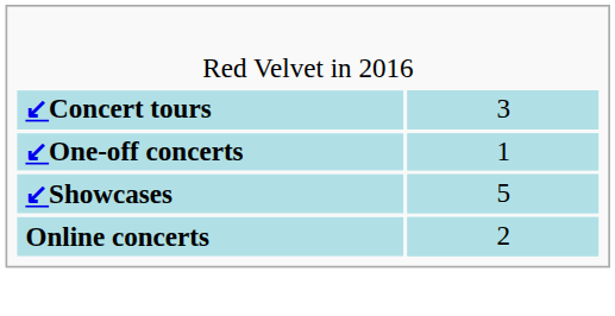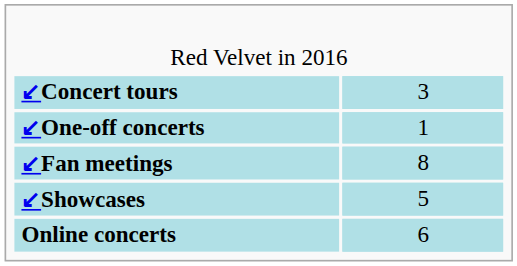 <table class="infobox" style="width:22em; font-size: 88%; text-align:center;">
 <tr>
 <td style="text-align:center;" colspan="2"><br><span>Red Velvet in 2016</span></td>
 </tr>
 <tr style="background-color:#b0e0e6">
 <th scope="row" style="padding:.1em .3em; text-align:left;"><span><a href='#'>↙</a></span>Concert tours</th>
 <td style="background-color:#b0e0e6; width:33%;">3</td>
 </tr>
 <tr style="background-color:#b0e0e6">
 <th scope="row" style="padding:.1em .3em; text-align:left;"><span><a href='#'>↙</a></span>One-off concerts</th>
 <td style="background-color:#b0e0e6; width:33%;">1</td>
 </tr>
 <tr style="background-color:#b0e0e6">
+<th scope="row" style="padding:.1em .3em; text-align:left;"><span><a href='#'>↙</a></span>Fan meetings</th>
+<td style="background-color:#b0e0e6; width:33%;">8</td>
+</tr>
+<tr style="background-color:#b0e0e6">
 <th scope="row" style="padding:.1em .3em; text-align:left;"><span><a href='#'>↙</a></span>Showcases</th>
 <td style="background-color:#b0e0e6; width:33%;">5</td>
 </tr>
 <tr style="background-color:#b0e0e6">
 <th scope="row" style="padding:.1em .3em; text-align:left;">Online concerts</th>
-<td style="background-color:#b0e0e6; width:33%;">2</td>
+<td style="background-color:#b0e0e6; width:33%;">6</td>
 </tr>
 </table>
